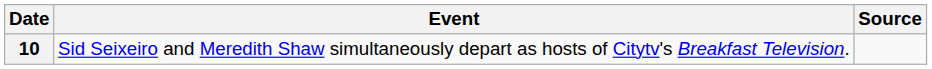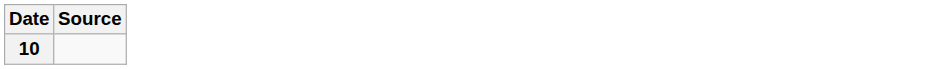 <table class="wikitable">
 <tr>
 <th>Date</th>
-<th>Event</th>
 <th>Source</th>
 </tr>
 <tr>
 <th>10</th>
-<td><a href='#'>Sid Seixeiro</a> and <a href='#'>Meredith Shaw</a> simultaneously depart as hosts of <a href='#'>Citytv</a>'s <em><a href='#'>Breakfast Television</a></em>.</td>
 <td></td>
 </tr>
 </table>
